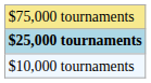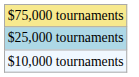 <table class="wikitable" style="font-size:85%;">
 <tr bgcolor="#F7E98E">
 <td>$75,000 tournaments</td>
 </tr>
 <tr style="background:lightblue;">
-<td><strong>$25,000 tournaments</strong></td>
+<td>$25,000 tournaments</td>
 </tr>
 <tr style="background:#f0f8ff;">
 <td>$10,000 tournaments</td>
 </tr>
 </table>
